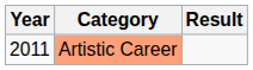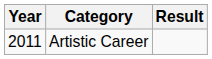 <table class="wikitable">
 <tr>
 <th>Year</th>
 <th>Category</th>
 <th>Result</th>
 </tr>
 <tr>
 <td>2011</td>
-<td style="background: lightsalmon;">Artistic Career</td>
+<td>Artistic Career</td>
 <td></td>
 </tr>
 </table>
